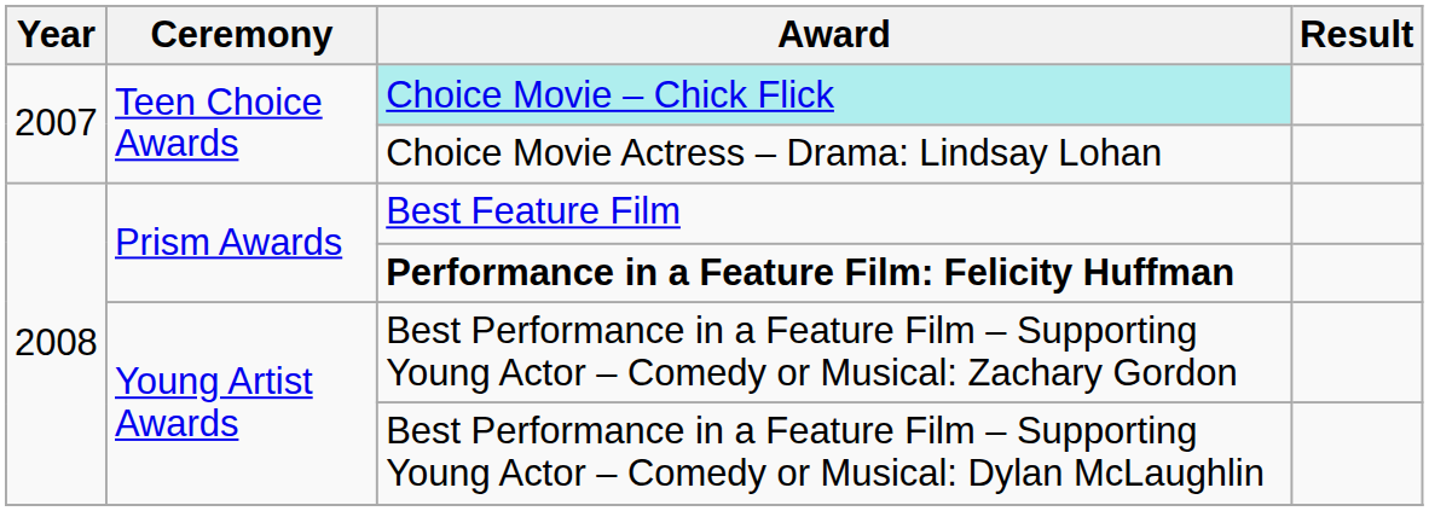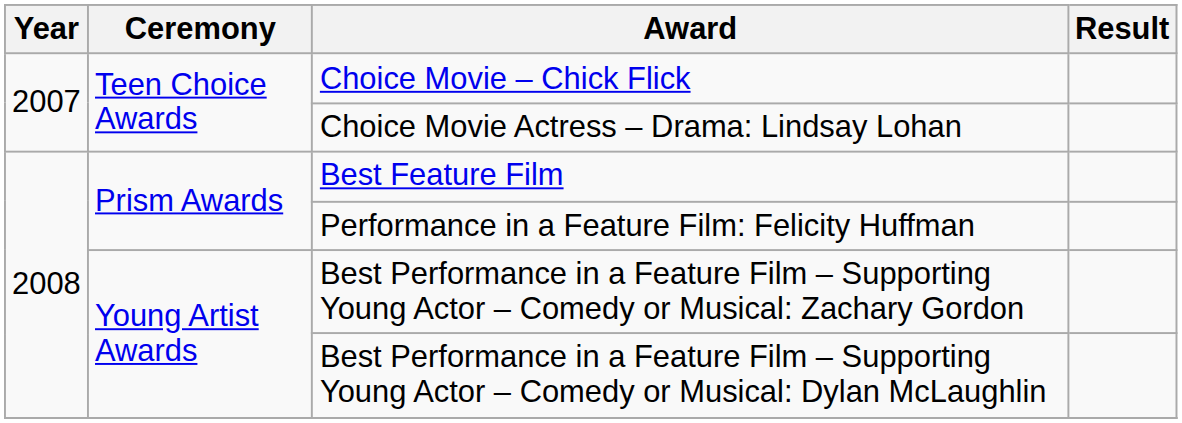 <table class="wikitable sortable">
 <tr>
 <th align="left">Year</th>
 <th align="left">Ceremony</th>
 <th align="left">Award</th>
 <th align="left">Result</th>
 </tr>
 <tr>
 <td rowspan="2">2007</td>
 <td rowspan="2"><a href='#'>Teen Choice Awards</a></td>
-<td style="background: paleturquoise;"><a href='#'>Choice Movie – Chick Flick</a></td>
+<td><a href='#'>Choice Movie – Chick Flick</a></td>
 <td></td>
 </tr>
 <tr>
 <td>Choice Movie Actress – Drama: Lindsay Lohan</td>
 <td></td>
 </tr>
 <tr>
 <td rowspan="4">2008</td>
 <td rowspan="2"><a href='#'>Prism Awards</a></td>
 <td><a href='#'>Best Feature Film</a></td>
 <td></td>
 </tr>
 <tr>
-<td><strong>Performance in a Feature Film: Felicity Huffman</strong></td>
+<td>Performance in a Feature Film: Felicity Huffman</td>
 <td></td>
 </tr>
 <tr>
 <td rowspan="2"><a href='#'>Young Artist Awards</a></td>
 <td>Best Performance in a Feature Film – Supporting Young Actor – Comedy or Musical: Zachary Gordon</td>
 <td></td>
 </tr>
 <tr>
 <td>Best Performance in a Feature Film – Supporting Young Actor – Comedy or Musical: Dylan McLaughlin</td>
 <td></td>
 </tr>
 <tr>
 </tr>
 </table>
